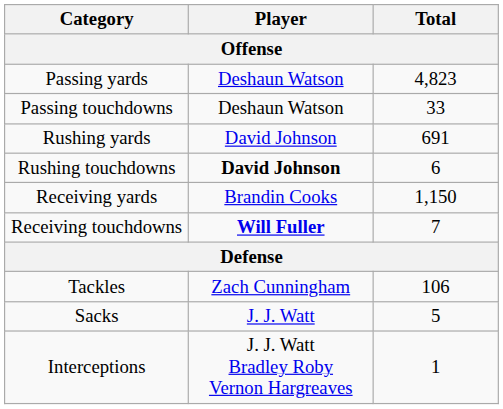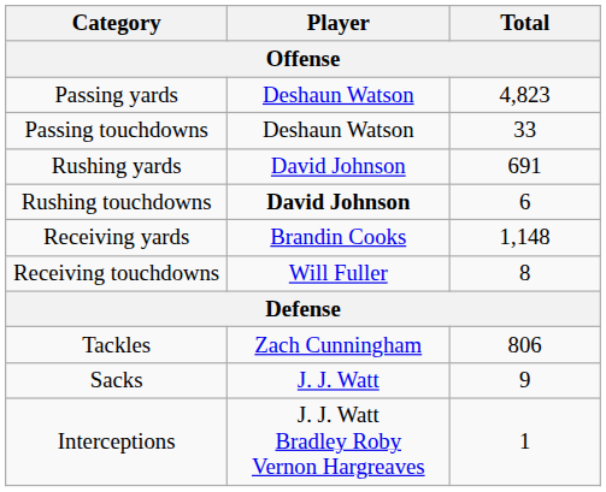 <table class="wikitable" style="text-align:center">
 <tr>
 <th width="150">Category</th>
 <th width="150">Player</th>
 <th width="100">Total</th>
 </tr>
 <tr>
 <th align="center" colspan="4">Offense</th>
 </tr>
 <tr>
 <td>Passing yards</td>
 <td><a href='#'>Deshaun Watson</a></td>
 <td>4,823</td>
 </tr>
 <tr>
 <td>Passing touchdowns</td>
 <td>Deshaun Watson</td>
 <td>33</td>
 </tr>
 <tr>
 <td>Rushing yards</td>
 <td><a href='#'>David Johnson</a></td>
 <td>691</td>
 </tr>
 <tr>
 <td>Rushing touchdowns</td>
 <td><strong>David Johnson</strong></td>
 <td>6</td>
 </tr>
 <tr>
 <td>Receiving yards</td>
 <td><a href='#'>Brandin Cooks</a></td>
-<td>1,150</td>
+<td>1,148</td>
 </tr>
 <tr>
 <td>Receiving touchdowns</td>
-<td><strong><a href='#'>Will Fuller</a></strong></td>
-<td>7</td>
+<td><a href='#'>Will Fuller</a></td>
+<td>8</td>
 </tr>
 <tr>
 <th align="center" colspan="4">Defense</th>
 </tr>
 <tr>
 <td>Tackles </td>
 <td><a href='#'>Zach Cunningham</a></td>
-<td>106</td>
+<td>806</td>
 </tr>
 <tr>
 <td>Sacks</td>
 <td><a href='#'>J. J. Watt</a></td>
-<td>5</td>
+<td>9</td>
 </tr>
 <tr>
 <td>Interceptions</td>
 <td>J. J. Watt<br><a href='#'>Bradley Roby</a><br><a href='#'>Vernon Hargreaves</a></td>
 <td>1</td>
 </tr>
 </table>
